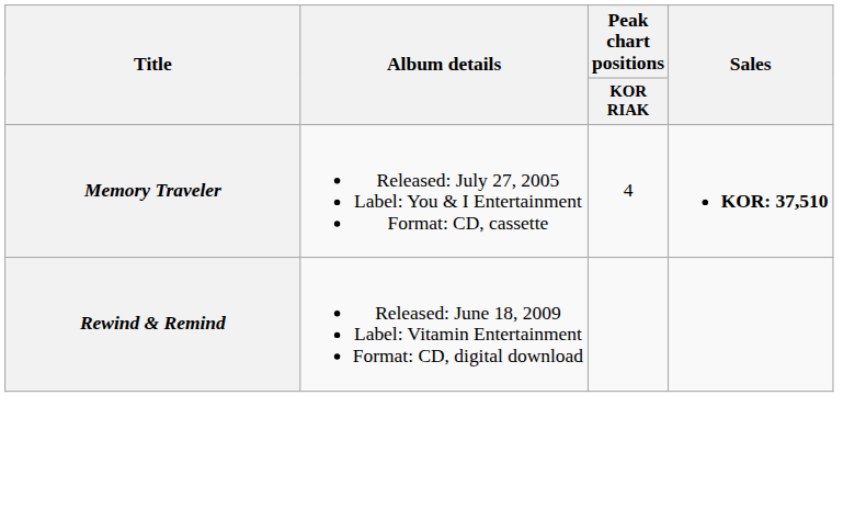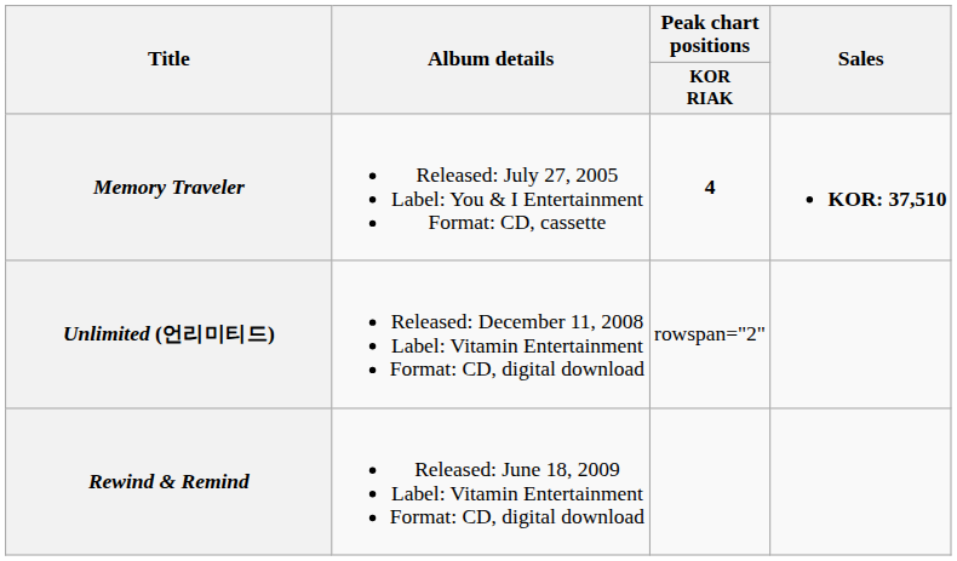 <table class="wikitable plainrowheaders" style="text-align:center;">
 <tr>
 <th scope="col" rowspan="2" style="width:15em;">Title</th>
 <th scope="col" rowspan="2">Album details</th>
 <th scope="col" colspan="1">Peak chart positions</th>
 <th scope="col" rowspan="2">Sales</th>
 </tr>
 <tr>
 <th scope="col" style="width:3em;font-size:85%;">KOR<br>RIAK<br></th>
 </tr>
 <tr>
 <th scope="row"><em>Memory Traveler</em></th>
 <td><br><ul><li>Released: July 27, 2005</li><li>Label: You & I Entertainment</li><li>Format: CD, cassette</li></ul></td>
-<td>4</td>
+<td><strong>4</strong></td>
 <td><strong><br><ul><li>KOR: 37,510</li></ul></strong></td>
+</tr>
+<tr>
+<th scope="row"><em>Unlimited</em> (언리미티드)</th>
+<td><br><ul><li>Released: December 11, 2008</li><li>Label: Vitamin Entertainment</li><li>Format: CD, digital download</li></ul></td>
+<td>rowspan="2" </td>
+<td></td>
 </tr>
 <tr>
 <th scope="row"><em>Rewind & Remind</em></th>
 <td><br><ul><li>Released: June 18, 2009</li><li>Label: Vitamin Entertainment</li><li>Format: CD, digital download</li></ul></td>
 <td></td>
 </tr>
 </table>
